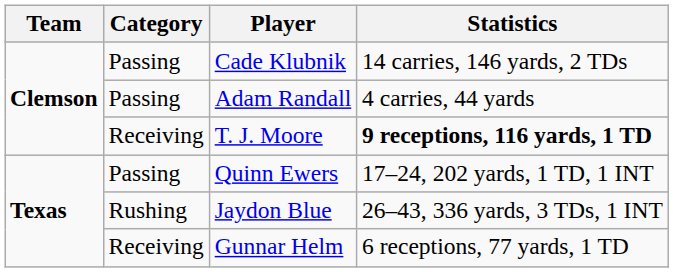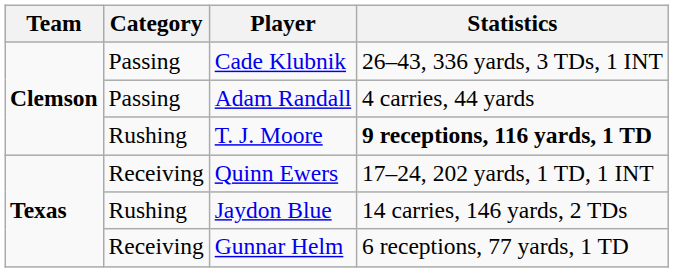 <table class="wikitable" style="float: right;">
 <tr>
 <th>Team</th>
 <th>Category</th>
 <th>Player</th>
 <th>Statistics</th>
 </tr>
 <tr>
 <td rowspan=3><strong>Clemson</strong></td>
 <td>Passing</td>
 <td><a href='#'>Cade Klubnik</a></td>
-<td>14 carries, 146 yards, 2 TDs</td>
+<td>26–43, 336 yards, 3 TDs, 1 INT</td>
 </tr>
 <tr>
 <td>Passing</td>
 <td><a href='#'>Adam Randall</a></td>
 <td>4 carries, 44 yards</td>
 </tr>
 <tr>
-<td>Receiving</td>
+<td>Rushing</td>
 <td><a href='#'>T. J. Moore</a></td>
 <td><strong>9 receptions, 116 yards, 1 TD</strong></td>
 </tr>
 <tr>
 <td rowspan=3><strong>Texas</strong></td>
-<td>Passing</td>
+<td>Receiving</td>
 <td><a href='#'>Quinn Ewers</a></td>
 <td>17–24, 202 yards, 1 TD, 1 INT</td>
 </tr>
 <tr>
 <td>Rushing</td>
 <td><a href='#'>Jaydon Blue</a></td>
-<td>26–43, 336 yards, 3 TDs, 1 INT</td>
+<td>14 carries, 146 yards, 2 TDs</td>
 </tr>
 <tr>
 <td>Receiving</td>
 <td><a href='#'>Gunnar Helm</a></td>
 <td>6 receptions, 77 yards, 1 TD</td>
 </tr>
 </table>
